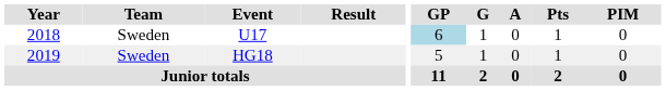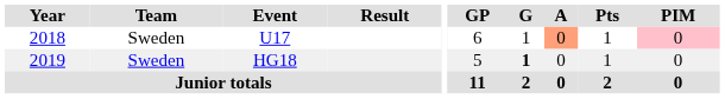 <table border="0" cellpadding="1" cellspacing="0" ID="Table3" style="text-align:center; width:40em">
 <tr bgcolor="#e0e0e0">
 <th>Year</th>
 <th>Team</th>
 <th>Event</th>
 <th>Result</th>
 <th rowspan="99" bgcolor="#ffffff"></th>
 <th>GP</th>
 <th>G</th>
 <th>A</th>
 <th>Pts</th>
 <th>PIM</th>
 </tr>
 <tr style="text-align:center;">
 <td><a href='#'>2018</a></td>
 <td>Sweden</td>
 <td><a href='#'>U17</a></td>
 <td></td>
-<td style="background: lightblue;">6</td>
+<td>6</td>
 <td>1</td>
-<td>0</td>
+<td style="background: lightsalmon;">0</td>
 <td>1</td>
-<td>0</td>
+<td style="background: pink;">0</td>
 </tr>
 <tr style="text-align:center; background:#f0f0f0;">
 <td><a href='#'>2019</a></td>
 <td><a href='#'>Sweden</a></td>
 <td><a href='#'>HG18</a></td>
 <td></td>
 <td>5</td>
-<td>1</td>
+<td><strong>1</strong></td>
 <td>0</td>
 <td>1</td>
 <td>0</td>
 </tr>
 <tr style="text-align:center; background:#e0e0e0;">
 <th colspan="4">Junior totals</th>
 <th>11</th>
 <th>2</th>
 <th>0</th>
 <th>2</th>
 <th>0</th>
 </tr>
 </table>
